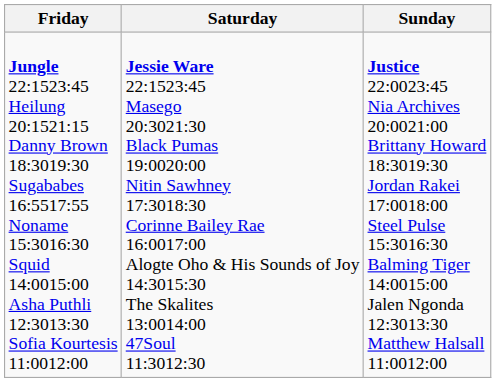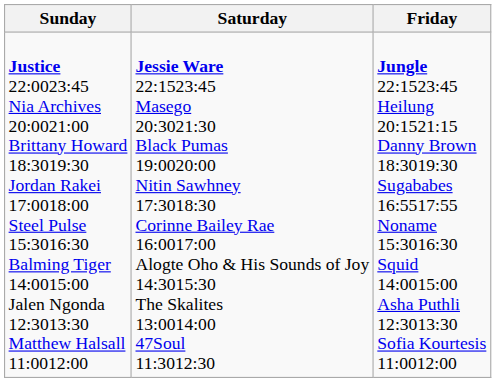 <table class="wikitable">
 <tr>
+<th>Sunday</th>
+<th>Saturday</th>
 <th>Friday</th>
-<th>Saturday</th>
-<th>Sunday</th>
 </tr>
 <tr valign="top">
+<td><br><strong><a href='#'>Justice</a></strong><br>22:0023:45<br> <a href='#'>Nia Archives</a><br>20:0021:00<br> <a href='#'>Brittany Howard</a><br>18:3019:30<br> <a href='#'>Jordan Rakei</a><br>17:0018:00<br> <a href='#'>Steel Pulse</a><br>15:3016:30<br> <a href='#'>Balming Tiger</a><br>14:0015:00<br> Jalen Ngonda<br>12:3013:30<br> <a href='#'>Matthew Halsall</a><br>11:0012:00</td>
+<td><br><strong><a href='#'>Jessie Ware</a></strong><br>22:1523:45<br> <a href='#'>Masego</a><br>20:3021:30<br> <a href='#'>Black Pumas</a><br>19:0020:00<br> <a href='#'>Nitin Sawhney</a><br>17:3018:30<br> <a href='#'>Corinne Bailey Rae</a><br>16:0017:00<br> Alogte Oho & His Sounds of Joy<br>14:3015:30<br> The Skalites<br>13:0014:00<br> <a href='#'>47Soul</a><br>11:3012:30</td>
 <td><br><strong><a href='#'>Jungle</a></strong><br>22:1523:45<br> <a href='#'>Heilung</a><br>20:1521:15<br> <a href='#'>Danny Brown</a><br>18:3019:30<br> <a href='#'>Sugababes</a><br>16:5517:55<br> <a href='#'>Noname</a><br>15:3016:30<br> <a href='#'>Squid</a><br>14:0015:00<br> <a href='#'>Asha Puthli</a><br>12:3013:30<br> <a href='#'>Sofia Kourtesis</a><br>11:0012:00</td>
-<td><br><strong><a href='#'>Jessie Ware</a></strong><br>22:1523:45<br> <a href='#'>Masego</a><br>20:3021:30<br> <a href='#'>Black Pumas</a><br>19:0020:00<br> <a href='#'>Nitin Sawhney</a><br>17:3018:30<br> <a href='#'>Corinne Bailey Rae</a><br>16:0017:00<br> Alogte Oho & His Sounds of Joy<br>14:3015:30<br> The Skalites<br>13:0014:00<br> <a href='#'>47Soul</a><br>11:3012:30</td>
-<td><br><strong><a href='#'>Justice</a></strong><br>22:0023:45<br> <a href='#'>Nia Archives</a><br>20:0021:00<br> <a href='#'>Brittany Howard</a><br>18:3019:30<br> <a href='#'>Jordan Rakei</a><br>17:0018:00<br> <a href='#'>Steel Pulse</a><br>15:3016:30<br> <a href='#'>Balming Tiger</a><br>14:0015:00<br> Jalen Ngonda<br>12:3013:30<br> <a href='#'>Matthew Halsall</a><br>11:0012:00</td>
 </tr>
 </table>
